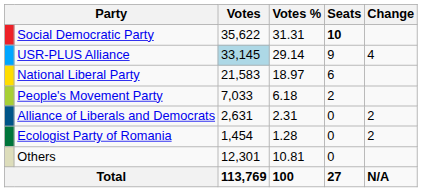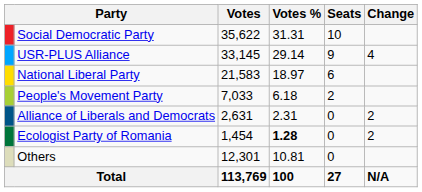 <table class="wikitable">
 <tr>
 <th colspan="2">Party</th>
 <th>Votes</th>
 <th>Votes %</th>
 <th>Seats</th>
 <th>Change</th>
 </tr>
 <tr>
 <td style="background:#ed2128;" width="5"></td>
 <td><a href='#'>Social Democratic Party</a></td>
 <td>35,622</td>
 <td>31.31</td>
-<td><strong>10</strong></td>
+<td>10</td>
 <td></td>
 </tr>
 <tr>
 <td style="background:#00a6ff;" width="5"></td>
 <td><a href='#'>USR-PLUS Alliance</a></td>
-<td style="background: lightblue;">33,145</td>
+<td>33,145</td>
 <td>29.14</td>
 <td>9</td>
 <td>4</td>
 </tr>
 <tr>
 <td style="background:#ffdd00;" width="5"></td>
 <td><a href='#'>National Liberal Party</a></td>
 <td>21,583</td>
 <td>18.97</td>
 <td>6</td>
 <td></td>
 </tr>
 <tr>
 <td style="background:#a7cf35;" width="5"></td>
 <td><a href='#'>People's Movement Party</a></td>
 <td>7,033</td>
 <td>6.18</td>
 <td>2</td>
 <td></td>
 </tr>
 <tr>
 <td style="background:#005487;" width="5"></td>
 <td><a href='#'>Alliance of Liberals and Democrats</a></td>
 <td>2,631</td>
 <td>2.31</td>
 <td>0</td>
 <td>2</td>
 </tr>
 <tr>
 <td style="background:#00753a;" width="5"></td>
 <td><a href='#'>Ecologist Party of Romania</a></td>
 <td>1,454</td>
-<td>1.28</td>
+<td><strong>1.28</strong></td>
 <td>0</td>
 <td>2</td>
 </tr>
 <tr>
 <td style="background:#ddddbb;" width="5"></td>
 <td>Others</td>
 <td>12,301</td>
 <td>10.81</td>
 <td>0</td>
 <td></td>
 </tr>
 <tr>
 <th colspan="2">Total</th>
 <td><strong>113,769</strong></td>
 <td><strong>100</strong></td>
 <td><strong>27</strong></td>
 <td><strong>N/A</strong></td>
 </tr>
 </table>
